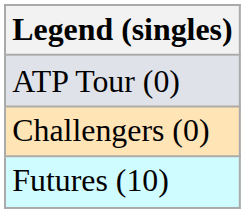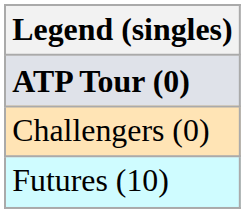 <table class="wikitable">
 <tr>
 <th>Legend (singles)</th>
 </tr>
 <tr bgcolor="#dfe2e9">
-<td>ATP Tour (0)</td>
+<td><strong>ATP Tour (0)</strong></td>
 </tr>
 <tr bgcolor="moccasin">
 <td>Challengers (0)</td>
 </tr>
 <tr bgcolor="CFFCFF">
 <td>Futures (10)</td>
 </tr>
 </table>
